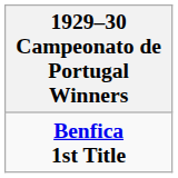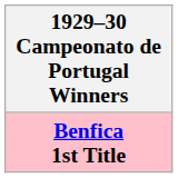 <table class="wikitable" style="text-align: center; margin: 0 auto; width: 20%">
 <tr>
 <th>1929–30 Campeonato de Portugal Winners</th>
 </tr>
 <tr>
-<td><strong><a href='#'>Benfica</a></strong><br><strong>1st Title</strong></td>
+<td style="background: pink;"><strong><a href='#'>Benfica</a></strong><br><strong>1st Title</strong></td>
 </tr>
 </table>
